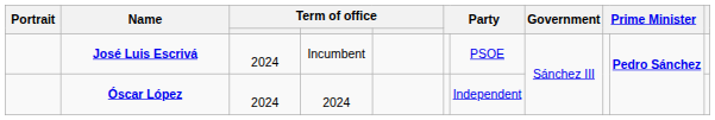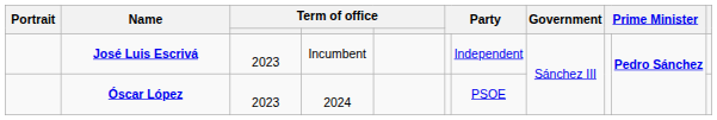 <table class="wikitable" style="line-height:1.4em; text-align:center; border:1px #aaf solid;">
 <tr>
 <th rowspan="2" width="65">Portrait</th>
 <th rowspan="2" width="210">Name<br></th>
 <th colspan="3">Term of office</th>
 <th rowspan="2" colspan="2" width="90">Party</th>
 <th rowspan="2">Government</th>
 <th rowspan="2" colspan="2"><a href='#'>Prime Minister</a><br></th>
 <th rowspan="2"></th>
 </tr>
 <tr>
 <th width="85"></th>
 <th width="85"></th>
 <th width="85"></th>
 </tr>
 <tr>
 <td></td>
 <td><strong><a href='#'>José Luis Escrivá</a></strong><br></td>
-<td class="nowrap"><br>2024</td>
+<td class="nowrap"><br>2023</td>
 <td class="nowrap">Incumbent</td>
 <td style="font-size:95%;"></td>
 <td width="1" style="color:inherit;background:"></td>
-<td><a href='#'>PSOE</a></td>
+<td><a href='#'>Independent</a></td>
 <td rowspan="2"><a href='#'>Sánchez III</a></td>
 <td rowspan="2" width="1" style="color:inherit;background:"></td>
 <td rowspan="2"><strong><a href='#'>Pedro Sánchez</a></strong><br><br></td>
 <td align="center"></td>
 </tr>
 <tr>
 <td></td>
 <td><strong><a href='#'>Óscar López</a></strong><br></td>
-<td class="nowrap"><br>2024</td>
+<td class="nowrap"><br>2023</td>
 <td class="nowrap"><br>2024</td>
 <td style="font-size:95%;"></td>
 <td style="color:inherit;background:"></td>
-<td><a href='#'>Independent</a></td>
+<td><a href='#'>PSOE</a></td>
 <td align="center"></td>
 </tr>
 </table>
